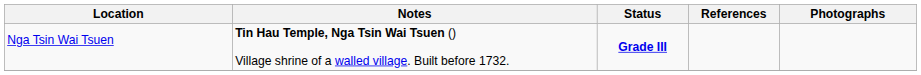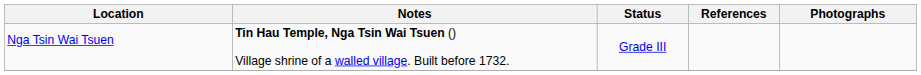 <table class="wikitable sortable" style="width:95%">
 <tr>
 <th width="25%">Location</th>
 <th width="40%">Notes</th>
 <th width="10%">Status</th>
 <th width="10%">References</th>
 <th width="15%">Photographs</th>
 </tr>
 <tr>
 <td><a href='#'>Nga Tsin Wai Tsuen</a><br><br></td>
 <td><strong>Tin Hau Temple, Nga Tsin Wai Tsuen</strong> ()<br><br>Village shrine of a <a href='#'>walled village</a>. Built before 1732.</td>
-<td style="text-align:center"><strong><a href='#'>Grade III</a></strong></td>
+<td style="text-align:center"><a href='#'>Grade III</a></td>
 <td>  </td>
 <td></td>
 </tr>
 <tr>
 </tr>
 </table>
